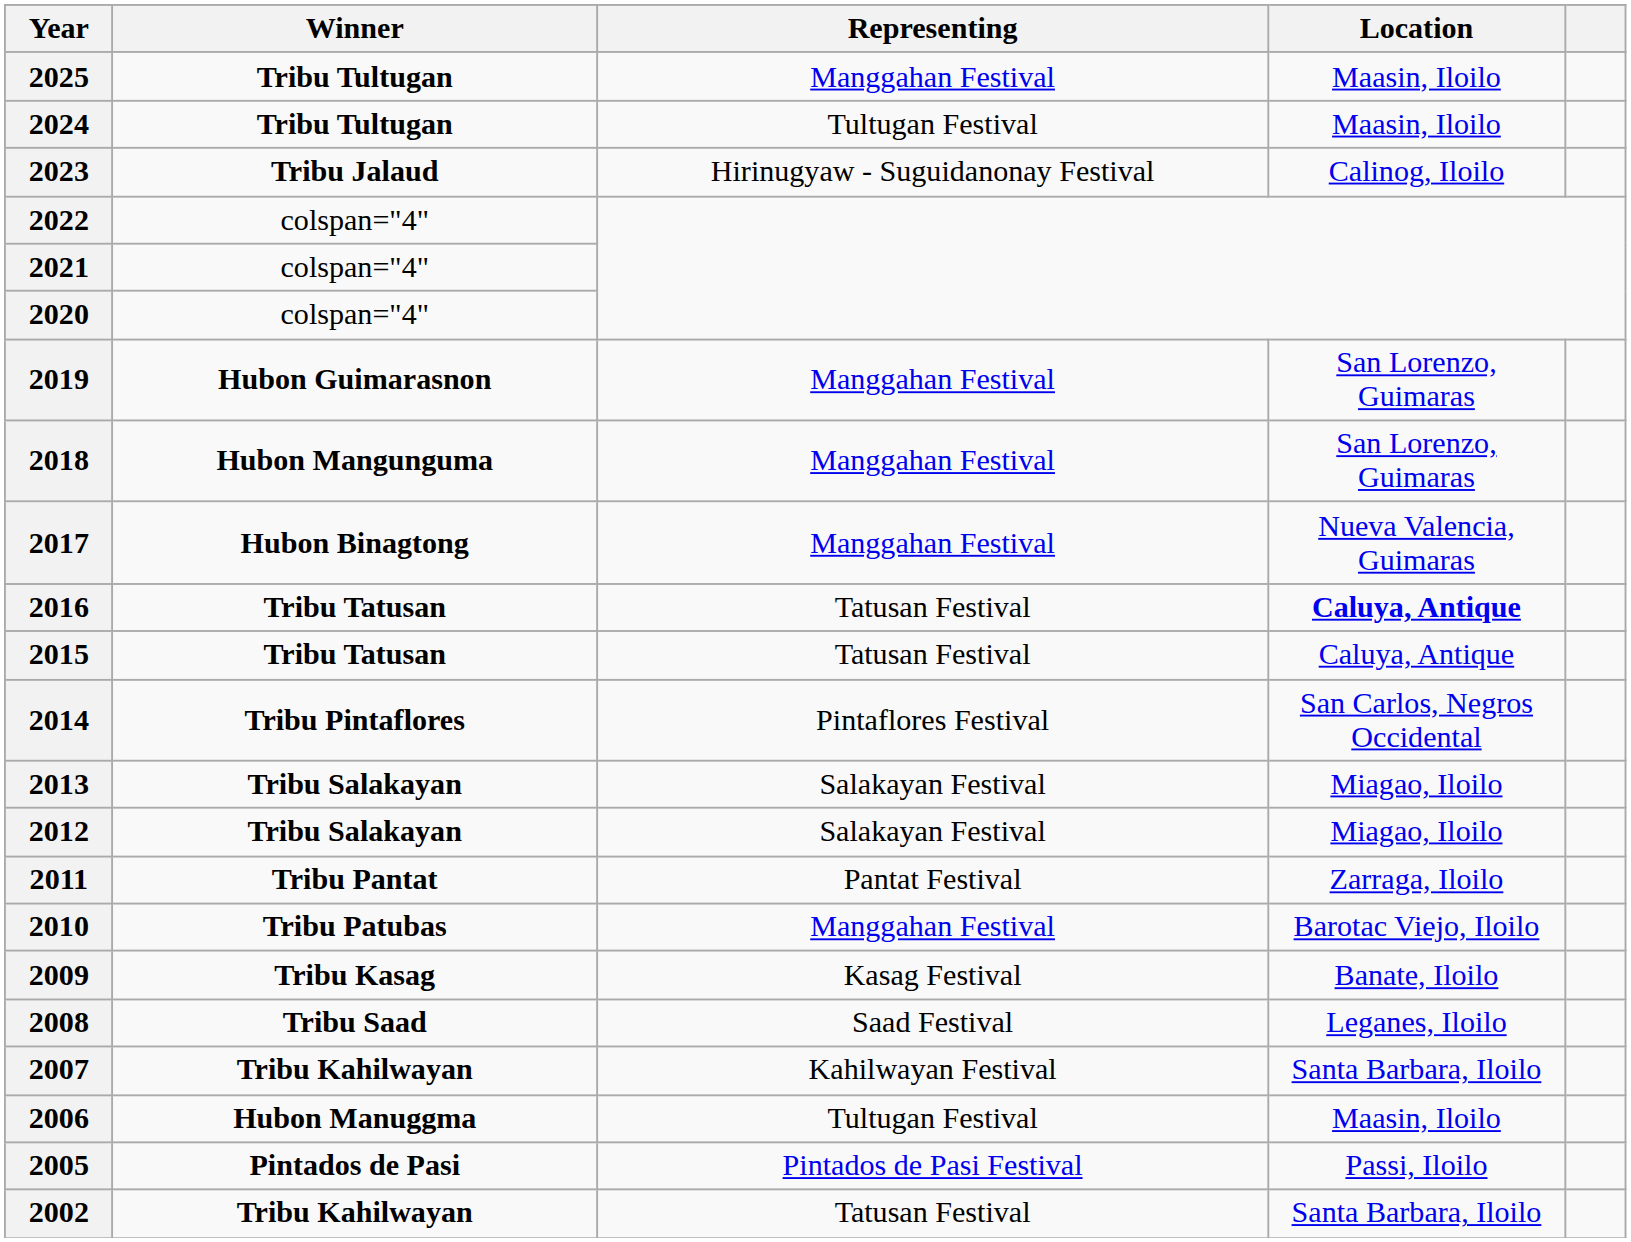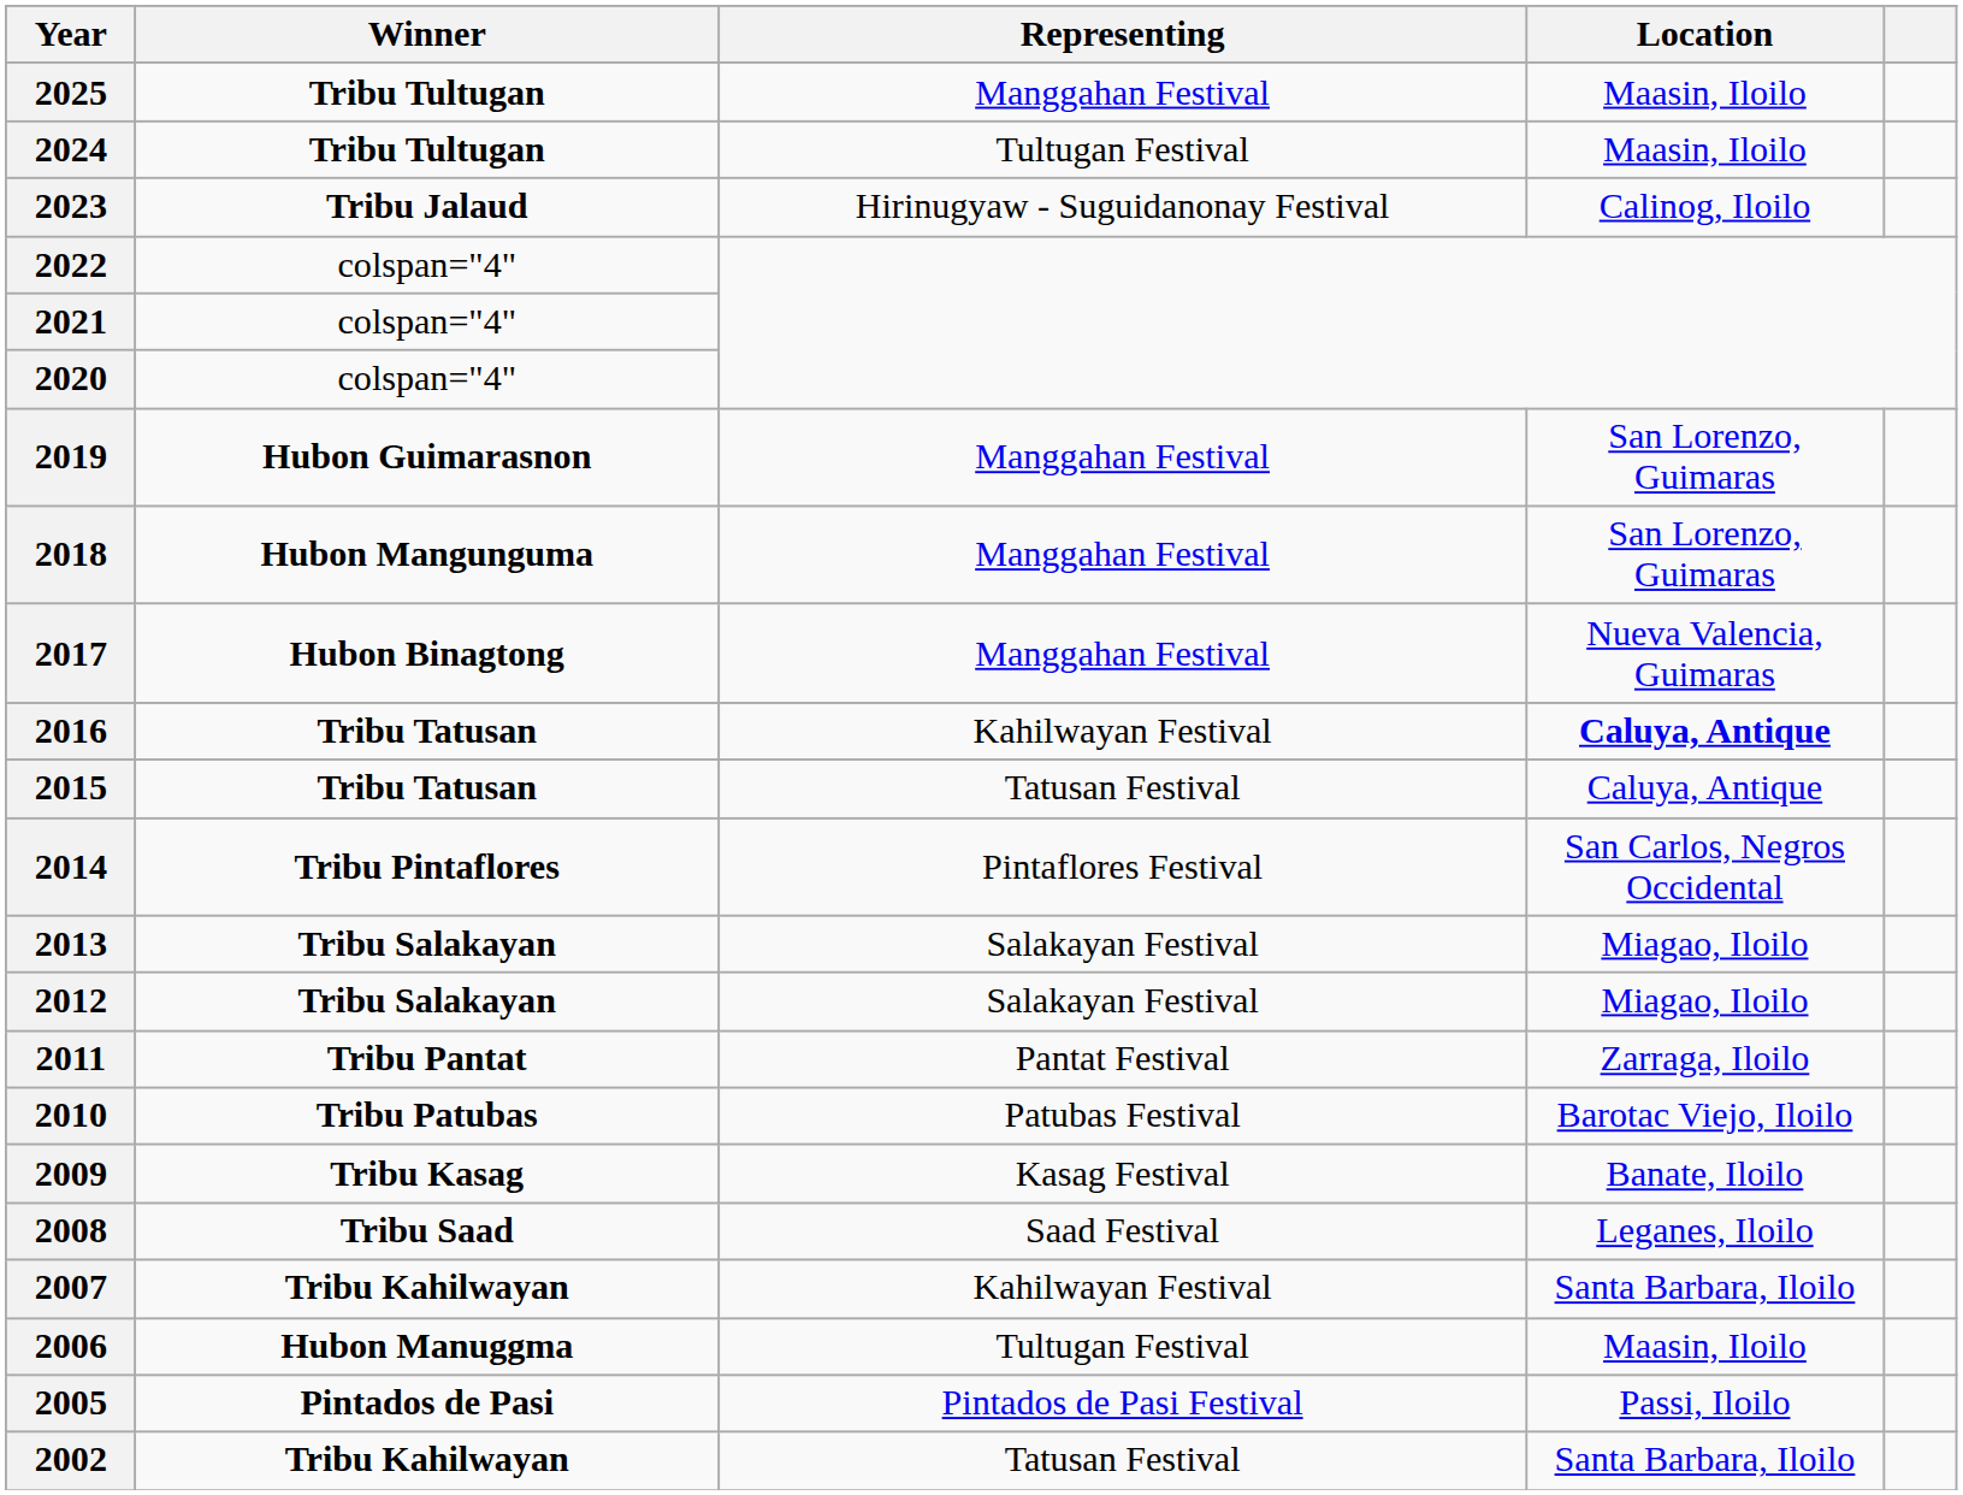 <table class="wikitable sortable" style="text-align:center;">
 <tr>
 <th width="50" class="autorowspan">Year</th>
 <th width="250" class="autorowspan">Winner</th>
 <th width="350" class="autorowspan">Representing</th>
 <th width="150" class="unsortable">Location</th>
 <th width="25" class="unsortable"></th>
 </tr>
 <tr>
 <th>2025</th>
 <td><strong>Tribu Tultugan</strong></td>
 <td><a href='#'>Manggahan Festival</a></td>
 <td><a href='#'>Maasin, Iloilo</a></td>
 <td></td>
 </tr>
 <tr>
 <th>2024</th>
 <td><strong>Tribu Tultugan</strong></td>
 <td>Tultugan Festival</td>
 <td><a href='#'>Maasin, Iloilo</a></td>
 <td></td>
 </tr>
 <tr>
 <th>2023</th>
 <td><strong>Tribu Jalaud</strong></td>
 <td>Hirinugyaw - Suguidanonay Festival</td>
 <td><a href='#'>Calinog, Iloilo</a></td>
 <td></td>
 </tr>
 <tr>
 <th>2022</th>
 <td>colspan="4" </td>
 </tr>
 <tr>
 <th>2021</th>
 <td>colspan="4" </td>
 </tr>
 <tr>
 <th>2020</th>
 <td>colspan="4" </td>
 </tr>
 <tr>
 <th>2019</th>
 <td><strong>Hubon Guimarasnon</strong></td>
 <td><a href='#'>Manggahan Festival</a></td>
 <td><a href='#'>San Lorenzo, Guimaras</a></td>
 <td></td>
 </tr>
 <tr>
 <th>2018</th>
 <td><strong>Hubon Mangunguma</strong></td>
 <td><a href='#'>Manggahan Festival</a></td>
 <td><a href='#'>San Lorenzo, Guimaras</a></td>
 <td></td>
 </tr>
 <tr>
 <th>2017</th>
 <td><strong>Hubon Binagtong</strong></td>
 <td><a href='#'>Manggahan Festival</a></td>
 <td><a href='#'>Nueva Valencia, Guimaras</a></td>
 <td></td>
 </tr>
 <tr>
 <th>2016</th>
 <td><strong>Tribu Tatusan</strong></td>
-<td>Tatusan Festival</td>
+<td>Kahilwayan Festival</td>
 <td><strong><a href='#'>Caluya, Antique</a></strong></td>
 <td></td>
 </tr>
 <tr>
 <th>2015</th>
 <td><strong>Tribu Tatusan</strong></td>
 <td>Tatusan Festival</td>
 <td><a href='#'>Caluya, Antique</a></td>
 <td></td>
 </tr>
 <tr>
 <th>2014</th>
 <td><strong>Tribu Pintaflores</strong></td>
 <td>Pintaflores Festival</td>
 <td><a href='#'>San Carlos, Negros Occidental</a></td>
 <td></td>
 </tr>
 <tr>
 <th>2013</th>
 <td><strong>Tribu Salakayan</strong></td>
 <td>Salakayan Festival</td>
 <td><a href='#'>Miagao, Iloilo</a></td>
 <td></td>
 </tr>
 <tr>
 <th>2012</th>
 <td><strong>Tribu Salakayan</strong></td>
 <td>Salakayan Festival</td>
 <td><a href='#'>Miagao, Iloilo</a></td>
 <td></td>
 </tr>
 <tr>
 <th>2011</th>
 <td><strong>Tribu Pantat</strong></td>
 <td>Pantat Festival</td>
 <td><a href='#'>Zarraga, Iloilo</a></td>
 <td></td>
 </tr>
 <tr>
 <th>2010</th>
 <td><strong>Tribu Patubas</strong></td>
-<td><a href='#'>Manggahan Festival</a></td>
+<td>Patubas Festival</td>
 <td><a href='#'>Barotac Viejo, Iloilo</a></td>
 <td></td>
 </tr>
 <tr>
 <th>2009</th>
 <td><strong>Tribu Kasag</strong></td>
 <td>Kasag Festival</td>
 <td><a href='#'>Banate, Iloilo</a></td>
 <td></td>
 </tr>
 <tr>
 <th>2008</th>
 <td><strong>Tribu Saad</strong></td>
 <td>Saad Festival</td>
 <td><a href='#'>Leganes, Iloilo</a></td>
 <td></td>
 </tr>
 <tr>
 <th>2007</th>
 <td><strong>Tribu Kahilwayan</strong></td>
 <td>Kahilwayan Festival</td>
 <td><a href='#'>Santa Barbara, Iloilo</a></td>
 <td></td>
 </tr>
 <tr>
 <th>2006</th>
 <td><strong>Hubon Manuggma</strong></td>
 <td>Tultugan Festival</td>
 <td><a href='#'>Maasin, Iloilo</a></td>
 <td></td>
 </tr>
 <tr>
 <th>2005</th>
 <td><strong>Pintados de Pasi</strong></td>
 <td><a href='#'>Pintados de Pasi Festival</a></td>
 <td><a href='#'>Passi, Iloilo</a></td>
 <td></td>
 </tr>
 <tr>
 <th>2002</th>
 <td><strong>Tribu Kahilwayan</strong></td>
 <td>Tatusan Festival</td>
 <td><a href='#'>Santa Barbara, Iloilo</a></td>
 <td></td>
 </tr>
 </table>
